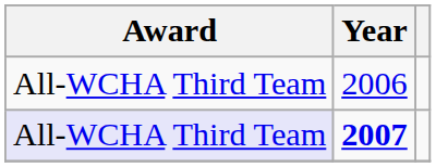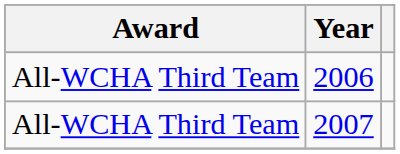 <table class="wikitable">
 <tr>
 <th>Award</th>
 <th>Year</th>
 <th></th>
 </tr>
 <tr>
 <td>All-<a href='#'>WCHA</a> <a href='#'>Third Team</a></td>
 <td><a href='#'>2006</a></td>
 <td></td>
 </tr>
 <tr>
-<td style="background: lavender;">All-<a href='#'>WCHA</a> <a href='#'>Third Team</a></td>
-<td><strong><a href='#'>2007</a></strong></td>
+<td>All-<a href='#'>WCHA</a> <a href='#'>Third Team</a></td>
+<td><a href='#'>2007</a></td>
 <td></td>
 </tr>
 <tr>
 </tr>
 </table>
